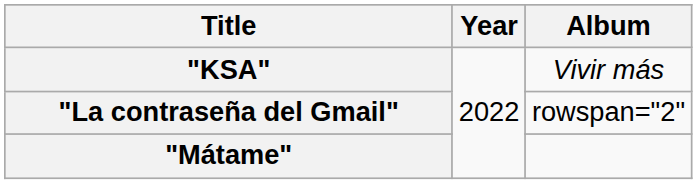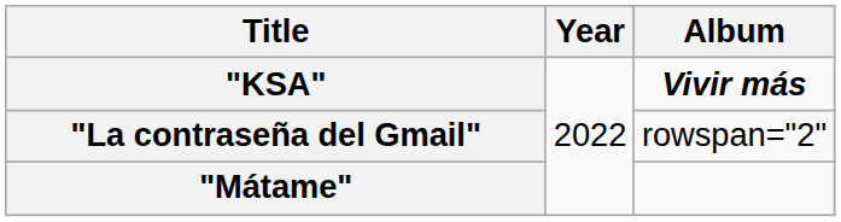 <table class="wikitable plainrowheaders" style="text-align:center;">
 <tr>
 <th scope="col" style="width:16em;">Title</th>
 <th scope="col">Year</th>
 <th>Album</th>
 </tr>
 <tr>
 <th scope="row">"KSA" </th>
 <td rowspan="3">2022</td>
-<td><em>Vivir más</em></td>
+<td><strong><em>Vivir más</em></strong></td>
 </tr>
 <tr>
 <th scope="row">"La contraseña del Gmail"</th>
 <td>rowspan="2" </td>
 </tr>
 <tr>
 <th scope="row">"Mátame"</th>
 </tr>
 </table>
